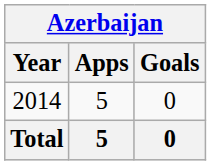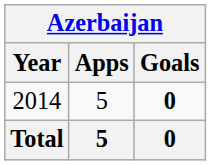 <table class="wikitable" style="text-align:center">
 <tr>
 <th colspan=3><a href='#'>Azerbaijan</a></th>
 </tr>
 <tr>
 <th>Year</th>
 <th>Apps</th>
 <th>Goals</th>
 </tr>
 <tr>
 <td>2014</td>
 <td>5</td>
-<td>0</td>
+<td><strong>0</strong></td>
 </tr>
 <tr>
 <th>Total</th>
 <th>5</th>
 <th>0</th>
 </tr>
 </table>
